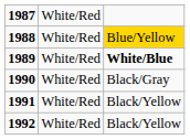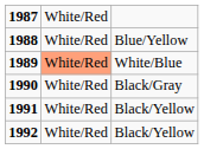 <table class="wikitable">
 <tr>
 <td><strong>1987</strong></td>
 <td>White/Red</td>
 <td></td>
 </tr>
 <tr>
 <td><strong>1988</strong></td>
 <td>White/Red</td>
-<td style="background: gold;">Blue/Yellow</td>
+<td>Blue/Yellow</td>
 </tr>
 <tr>
 <td><strong>1989</strong></td>
-<td>White/Red</td>
-<td><strong>White/Blue</strong></td>
+<td style="background: lightsalmon;">White/Red</td>
+<td>White/Blue</td>
 </tr>
 <tr>
 <td><strong>1990</strong></td>
 <td>White/Red</td>
 <td>Black/Gray</td>
 </tr>
 <tr>
 <td><strong>1991</strong></td>
 <td>White/Red</td>
 <td>Black/Yellow</td>
 </tr>
 <tr>
 <td><strong>1992</strong></td>
 <td>White/Red</td>
 <td>Black/Yellow</td>
 </tr>
 </table>
